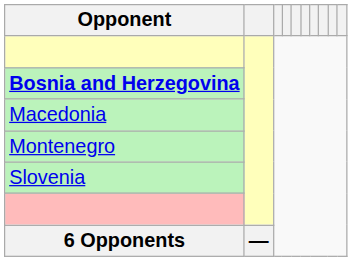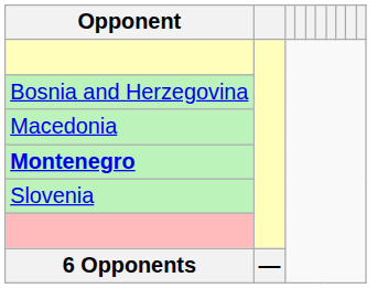 <table class="sortable wikitable plainrowheaders" style="text-align:center">
 <tr>
 <th>Opponent</th>
 <th></th>
 <th></th>
 <th></th>
 <th></th>
 <th></th>
 <th></th>
 <th></th>
 <th></th>
 <th></th>
 </tr>
 <tr bgcolor="#FFFFBB">
 <td style="text-align:left;"><br></td>
 <td style="text-align:center;" rowspan="6"></td>
 </tr>
 <tr bgcolor="#BBF3BB">
-<td style="text-align:left;"><strong> <a href='#'>Bosnia and Herzegovina</a><br></strong></td>
+<td style="text-align:left;"> <a href='#'>Bosnia and Herzegovina</a><br></td>
 </tr>
 <tr bgcolor="#BBF3BB">
 <td style="text-align:left;"> <a href='#'>Macedonia</a><br></td>
 </tr>
 <tr bgcolor="#BBF3BB">
-<td style="text-align:left;"> <a href='#'>Montenegro</a><br></td>
+<td style="text-align:left;"><strong> <a href='#'>Montenegro</a><br></strong></td>
 </tr>
 <tr bgcolor="#BBF3BB">
 <td style="text-align:left;"> <a href='#'>Slovenia</a><br></td>
 </tr>
 <tr bgcolor="#FFBBBB">
 <td style="text-align:left;"><br></td>
 </tr>
 <tr class="sortbottom">
 <th>6 Opponents<br></th>
 <th>—</th>
 </tr>
 </table>
